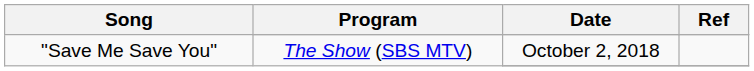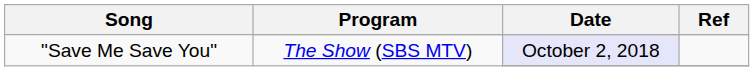 <table class="wikitable" style="text-align:center">
 <tr>
 <th width="200">Song</th>
 <th width="200">Program</th>
 <th width="140">Date</th>
 <th width="50">Ref</th>
 </tr>
 <tr>
 <td rowspan="3">"Save Me Save You"</td>
 </tr>
 <tr>
 <td rowspan="2"><em><a href='#'>The Show</a></em> (<a href='#'>SBS MTV</a>)</td>
-<td>October 2, 2018</td>
+<td style="background: lavender;">October 2, 2018</td>
 <td></td>
 </tr>
 <tr>
 </tr>
 </table>
